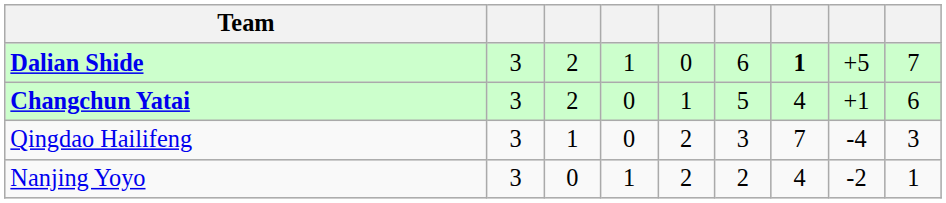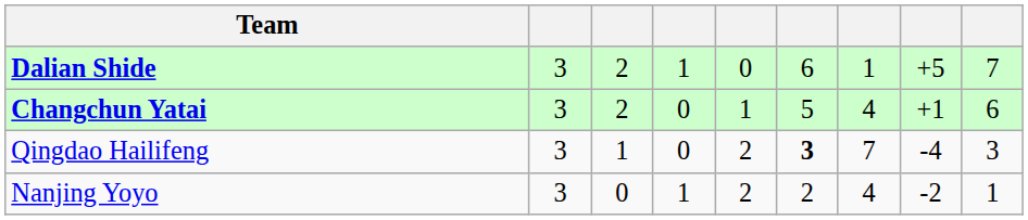 <table class="wikitable" style="text-align:center;">
 <tr>
 <th width=310>Team</th>
 <th width=30></th>
 <th width=30></th>
 <th width=30></th>
 <th width=30></th>
 <th width=30></th>
 <th width=30></th>
 <th width=30></th>
 <th width=30></th>
 </tr>
 <tr bgcolor="#ccffcc">
 <td align="left"><strong><a href='#'>Dalian Shide</a></strong></td>
 <td>3</td>
 <td>2</td>
 <td>1</td>
 <td>0</td>
 <td>6</td>
-<td><strong>1</strong></td>
+<td>1</td>
 <td>+5</td>
 <td>7</td>
 </tr>
 <tr bgcolor="#ccffcc">
 <td align="left"><strong><a href='#'>Changchun Yatai</a></strong></td>
 <td>3</td>
 <td>2</td>
 <td>0</td>
 <td>1</td>
 <td>5</td>
 <td>4</td>
 <td>+1</td>
 <td>6</td>
 </tr>
 <tr>
 <td align="left"><a href='#'>Qingdao Hailifeng</a></td>
 <td>3</td>
 <td>1</td>
 <td>0</td>
 <td>2</td>
-<td>3</td>
+<td><strong>3</strong></td>
 <td>7</td>
 <td>-4</td>
 <td>3</td>
 </tr>
 <tr>
 <td align="left"><a href='#'>Nanjing Yoyo</a></td>
 <td>3</td>
 <td>0</td>
 <td>1</td>
 <td>2</td>
 <td>2</td>
 <td>4</td>
 <td>-2</td>
 <td>1</td>
 </tr>
 </table>
